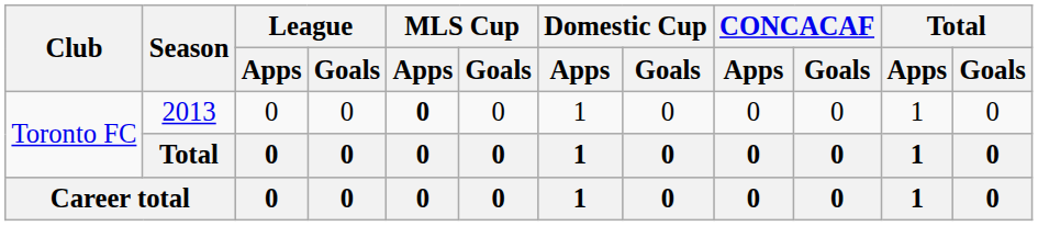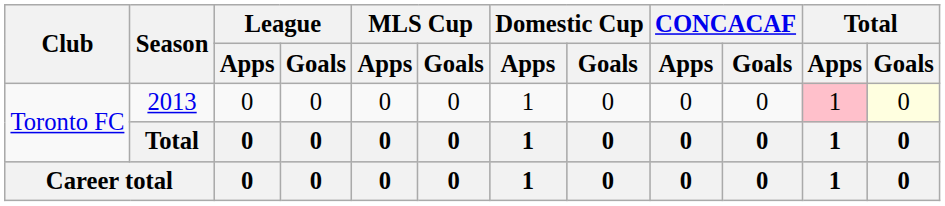 <table class="wikitable" style="text-align: center;">
 <tr>
 <th rowspan="2">Club</th>
 <th rowspan="2">Season</th>
 <th colspan="2">League</th>
 <th colspan="2">MLS Cup</th>
 <th colspan="2">Domestic Cup</th>
 <th colspan="2"><a href='#'>CONCACAF</a></th>
 <th colspan="2">Total</th>
 </tr>
 <tr>
 <th>Apps</th>
 <th>Goals</th>
 <th>Apps</th>
 <th>Goals</th>
 <th>Apps</th>
 <th>Goals</th>
 <th>Apps</th>
 <th>Goals</th>
 <th>Apps</th>
 <th>Goals</th>
 </tr>
 <tr>
 <td rowspan="2"><a href='#'>Toronto FC</a></td>
 <td><a href='#'>2013</a></td>
 <td>0</td>
 <td>0</td>
-<td><strong>0</strong></td>
+<td>0</td>
 <td>0</td>
 <td>1</td>
 <td>0</td>
 <td>0</td>
 <td>0</td>
-<td>1</td>
-<td>0</td>
+<td style="background: pink;">1</td>
+<td style="background: lightyellow;">0</td>
 </tr>
 <tr>
 <th>Total</th>
 <th>0</th>
 <th>0</th>
 <th>0</th>
 <th>0</th>
 <th>1</th>
 <th>0</th>
 <th>0</th>
 <th>0</th>
 <th>1</th>
 <th>0</th>
 </tr>
 <tr>
 <th colspan="2">Career total</th>
 <th>0</th>
 <th>0</th>
 <th>0</th>
 <th>0</th>
 <th>1</th>
 <th>0</th>
 <th>0</th>
 <th>0</th>
 <th>1</th>
 <th>0</th>
 </tr>
 </table>
